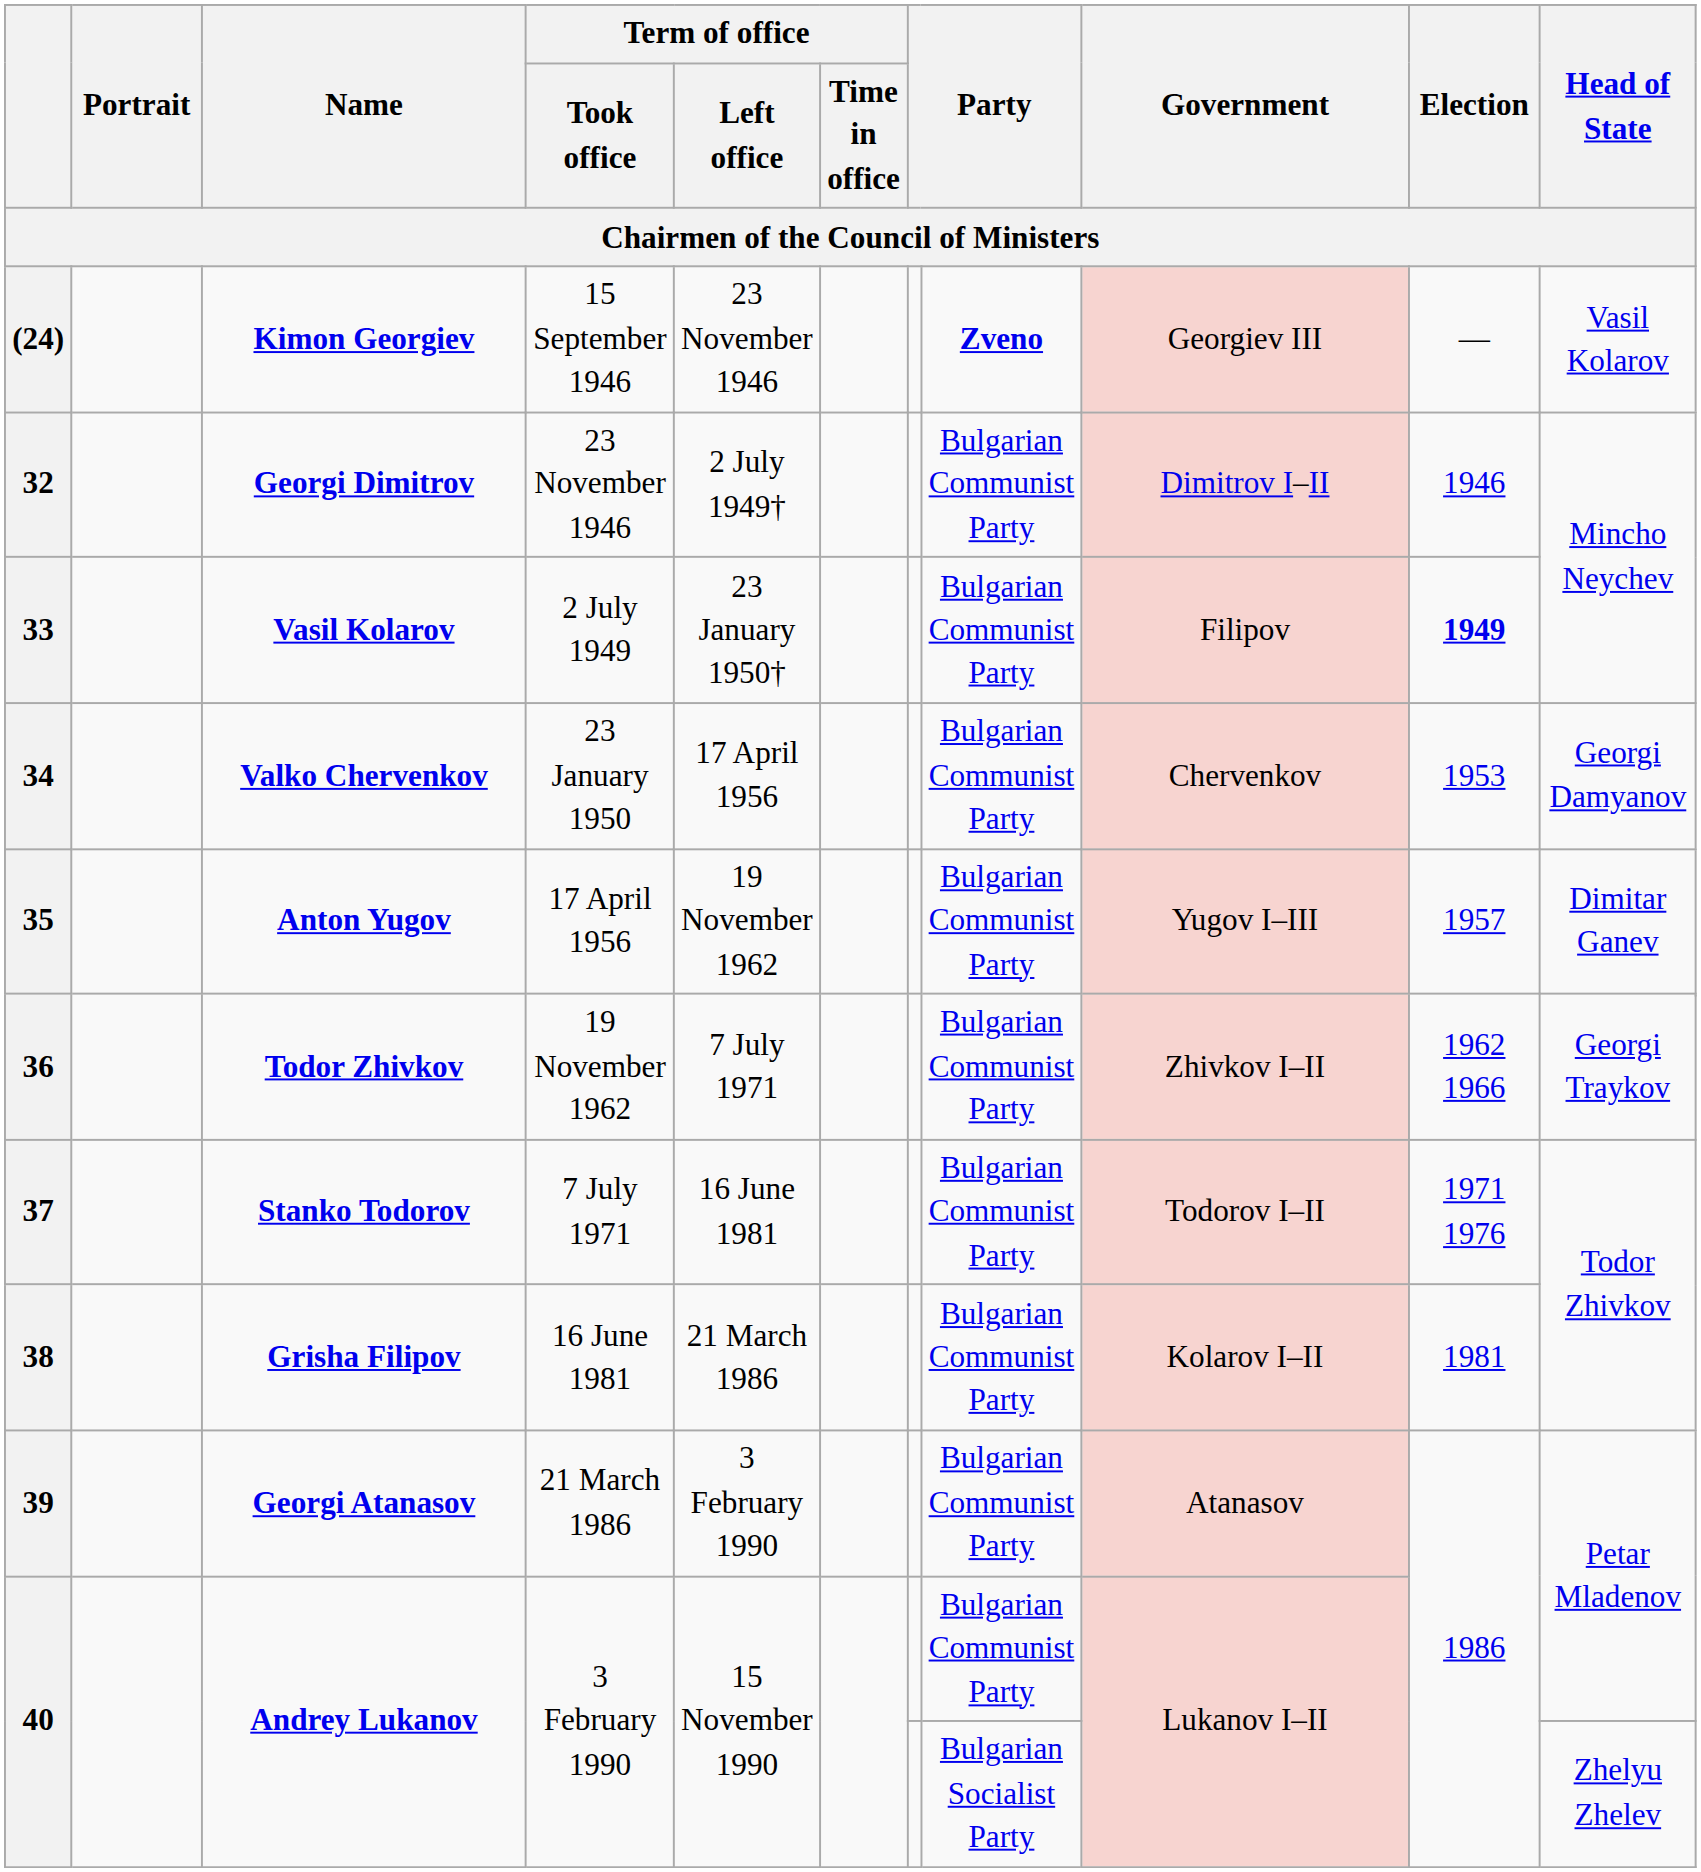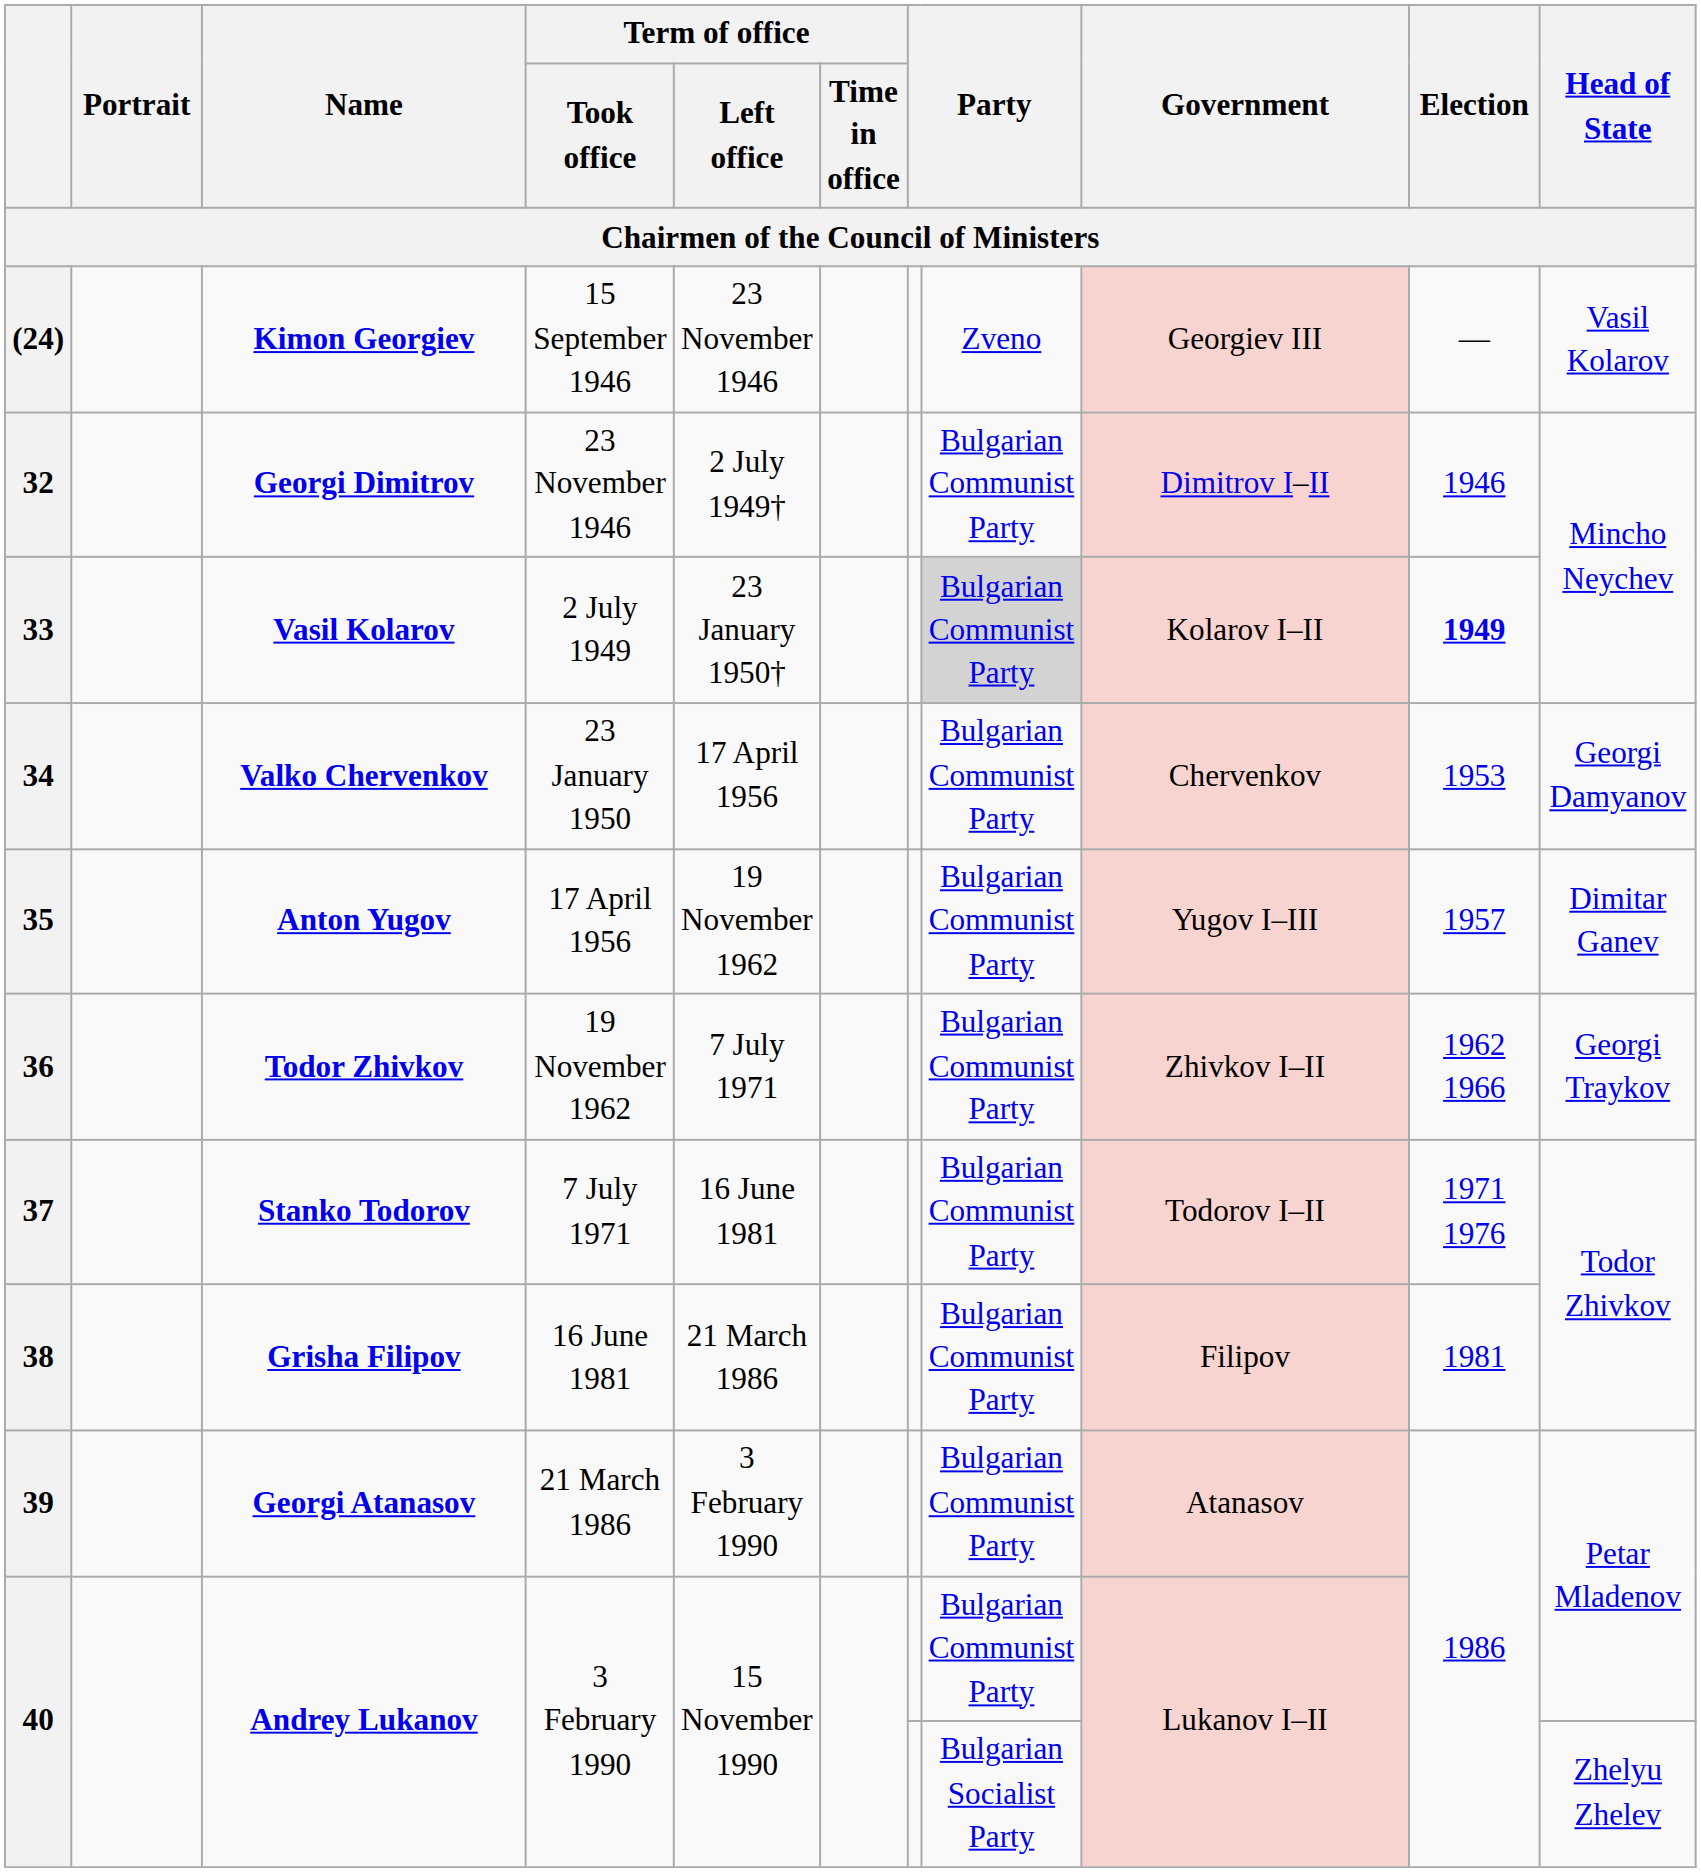 <table class="wikitable" style="line-height:1.4em; text-align:center; border:1px #aaf solid;">
 <tr>
 <th rowspan="2"></th>
 <th rowspan="2" width="65">Portrait</th>
 <th rowspan="2" width="250">Name<br></th>
 <th colspan="3">Term of office</th>
 <th rowspan="2" colspan="2" width="90">Party</th>
 <th rowspan="2" width="250">Government<br></th>
 <th rowspan="2" width="65">Election</th>
 <th rowspan="2" width="75"><a href='#'>Head of State</a><br></th>
 </tr>
 <tr>
 <th>Took office</th>
 <th>Left office</th>
 <th>Time in office</th>
 </tr>
 <tr>
 <th colspan="11">Chairmen of the Council of Ministers<br></th>
 </tr>
 <tr>
 <th>(24)</th>
 <td></td>
 <td><strong><a href='#'>Kimon Georgiev</a></strong><br></td>
 <td>15 September 1946</td>
 <td>23 November 1946</td>
 <td></td>
 <td style="background:"></td>
-<td><strong><a href='#'>Zveno</a></strong></td>
+<td><a href='#'>Zveno</a></td>
 <td style="background:#F7D4D0;">Georgiev III<br></td>
 <td>—</td>
 <td rowspan=2><a href='#'>Vasil Kolarov</a></td>
 </tr>
 <tr>
 <th rowspan="2">32</th>
 <td rowspan="2"></td>
 <td rowspan="2"><strong><a href='#'>Georgi Dimitrov</a></strong><br></td>
 <td rowspan="2">23 November 1946</td>
 <td rowspan="2">2 July 1949†</td>
 <td rowspan="2"></td>
 <td rowspan="2" style="background:"></td>
 <td rowspan="2"><a href='#'>Bulgarian Communist Party</a></td>
 <td rowspan="2" style="background:#F7D4D0;"><a href='#'>Dimitrov I</a>–<a href='#'>II</a><br></td>
 <td rowspan="2"><a href='#'>1946</a></td>
 </tr>
 <tr>
 <td rowspan=3><a href='#'>Mincho Neychev</a></td>
 </tr>
 <tr>
 <th>33</th>
 <td></td>
 <td><strong><a href='#'>Vasil Kolarov</a></strong><br></td>
 <td>2 July 1949<br></td>
 <td>23 January 1950†</td>
 <td></td>
 <td style="background:"></td>
-<td><a href='#'>Bulgarian Communist Party</a></td>
-<td style="background:#F7D4D0;">Filipov<br></td>
+<td style="background: lightgrey;"><a href='#'>Bulgarian Communist Party</a></td>
+<td style="background:#F7D4D0;">Kolarov I–II<br></td>
 <td><strong><a href='#'>1949</a></strong></td>
 </tr>
 <tr>
 <th rowspan="2">34</th>
 <td rowspan="2"></td>
 <td rowspan="2"><strong><a href='#'>Valko Chervenkov</a></strong><br></td>
 <td rowspan="2">23 January 1950<br></td>
 <td rowspan="2">17 April 1956</td>
 <td rowspan="2"></td>
 <td rowspan="2" style="background:"></td>
 <td rowspan="2"><a href='#'>Bulgarian Communist Party</a></td>
 <td rowspan="2" style="background:#F7D4D0;">Chervenkov<br></td>
 <td rowspan="2"><a href='#'>1953</a></td>
 </tr>
 <tr>
 <td rowspan=2><a href='#'>Georgi Damyanov</a></td>
 </tr>
 <tr>
 <th rowspan="2">35</th>
 <td rowspan="2"></td>
 <td rowspan="2"><strong><a href='#'>Anton Yugov</a></strong><br></td>
 <td rowspan="2">17 April 1956</td>
 <td rowspan="2">19 November 1962</td>
 <td rowspan="2"></td>
 <td rowspan="2" style="background:"></td>
 <td rowspan="2"><a href='#'>Bulgarian Communist Party</a></td>
 <td rowspan="2" style="background:#F7D4D0;">Yugov I–III<br></td>
 <td rowspan="2"><a href='#'>1957</a></td>
 </tr>
 <tr>
 <td rowspan="2"><a href='#'>Dimitar Ganev</a></td>
 </tr>
 <tr>
 <th rowspan="2">36</th>
 <td rowspan="2"></td>
 <td rowspan="2"><strong><a href='#'>Todor Zhivkov</a></strong><br></td>
 <td rowspan="2">19 November 1962</td>
 <td rowspan="2">7 July 1971</td>
 <td rowspan="2"></td>
 <td rowspan="2" style="background:"></td>
 <td rowspan="2"><a href='#'>Bulgarian Communist Party</a></td>
 <td rowspan="2" style="background:#F7D4D0;">Zhivkov I–II<br></td>
 <td rowspan="2"><a href='#'>1962</a><br><a href='#'>1966</a></td>
 </tr>
 <tr>
 <td><a href='#'>Georgi Traykov</a></td>
 </tr>
 <tr>
 <th>37</th>
 <td></td>
 <td><strong><a href='#'>Stanko Todorov</a></strong><br></td>
 <td>7 July 1971</td>
 <td>16 June 1981</td>
 <td></td>
 <td style="background:"></td>
 <td><a href='#'>Bulgarian Communist Party</a></td>
 <td style="background:#F7D4D0;">Todorov I–II<br></td>
 <td><a href='#'>1971</a><br><a href='#'>1976</a></td>
 <td rowspan=3><a href='#'>Todor Zhivkov</a></td>
 </tr>
 <tr>
 <th>38</th>
 <td></td>
 <td><strong><a href='#'>Grisha Filipov</a></strong><br></td>
 <td>16 June 1981</td>
 <td>21 March 1986</td>
 <td></td>
 <td style="background:"></td>
 <td><a href='#'>Bulgarian Communist Party</a></td>
-<td style="background:#F7D4D0;">Kolarov I–II<br></td>
+<td style="background:#F7D4D0;">Filipov<br></td>
 <td><a href='#'>1981</a></td>
 </tr>
 <tr>
 <th rowspan="2">39</th>
 <td rowspan="2"></td>
 <td rowspan="2"><strong><a href='#'>Georgi Atanasov</a></strong><br></td>
 <td rowspan="2">21 March 1986</td>
 <td rowspan="2">3 February 1990</td>
 <td rowspan="2"></td>
 <td rowspan="2" style="background:"></td>
 <td rowspan="2"><a href='#'>Bulgarian Communist Party</a></td>
 <td rowspan="2" style="background:#F7D4D0;">Atanasov<br></td>
 <td rowspan="4"><a href='#'>1986</a></td>
 </tr>
 <tr>
 <td rowspan=2><a href='#'>Petar Mladenov</a></td>
 </tr>
 <tr>
 <th rowspan="2">40</th>
 <td rowspan="2"></td>
 <td rowspan="2"><strong><a href='#'>Andrey Lukanov</a></strong><br></td>
 <td rowspan="2">3 February 1990</td>
 <td rowspan="2">15 November 1990</td>
 <td rowspan="2"></td>
 <td style="background:"></td>
 <td><a href='#'>Bulgarian Communist Party</a></td>
 <td rowspan="2" style="background:#F7D4D0;">Lukanov I–II</td>
 </tr>
 <tr>
 <td style="background:"></td>
 <td><a href='#'>Bulgarian Socialist Party</a></td>
 <td><a href='#'>Zhelyu Zhelev</a></td>
 </tr>
 </table>
